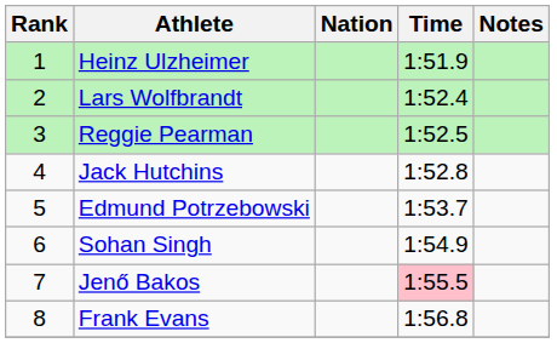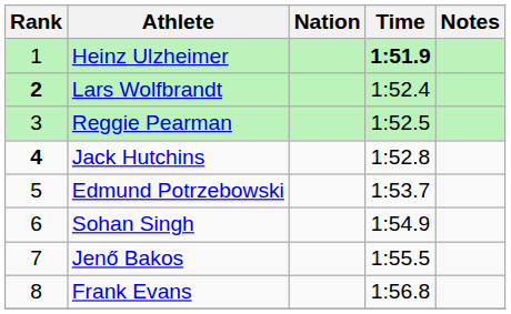 <table class="wikitable sortable" style="text-align:center">
 <tr>
 <th>Rank</th>
 <th>Athlete</th>
 <th>Nation</th>
 <th>Time</th>
 <th>Notes</th>
 </tr>
 <tr bgcolor=bbf3bb>
 <td>1</td>
 <td align=left><a href='#'>Heinz Ulzheimer</a></td>
 <td align=left></td>
-<td>1:51.9</td>
+<td><strong>1:51.9</strong></td>
 <td></td>
 </tr>
 <tr bgcolor=bbf3bb>
-<td>2</td>
+<td><strong>2</strong></td>
 <td align=left><a href='#'>Lars Wolfbrandt</a></td>
 <td align=left></td>
 <td>1:52.4</td>
 <td></td>
 </tr>
 <tr bgcolor=bbf3bb>
 <td>3</td>
 <td align=left><a href='#'>Reggie Pearman</a></td>
 <td align=left></td>
 <td>1:52.5</td>
 <td></td>
 </tr>
 <tr>
-<td>4</td>
+<td><strong>4</strong></td>
 <td align=left><a href='#'>Jack Hutchins</a></td>
 <td align=left></td>
 <td>1:52.8</td>
 <td></td>
 </tr>
 <tr>
 <td>5</td>
 <td align=left><a href='#'>Edmund Potrzebowski</a></td>
 <td align=left></td>
 <td>1:53.7</td>
 <td></td>
 </tr>
 <tr>
 <td>6</td>
 <td align=left><a href='#'>Sohan Singh</a></td>
 <td align=left></td>
 <td>1:54.9</td>
 <td></td>
 </tr>
 <tr>
 <td>7</td>
 <td align=left><a href='#'>Jenő Bakos</a></td>
 <td align=left></td>
-<td style="background: pink;">1:55.5</td>
+<td>1:55.5</td>
 <td></td>
 </tr>
 <tr>
 <td>8</td>
 <td align=left><a href='#'>Frank Evans</a></td>
 <td align=left></td>
 <td>1:56.8</td>
 <td></td>
 </tr>
 <tr>
 </tr>
 </table>
